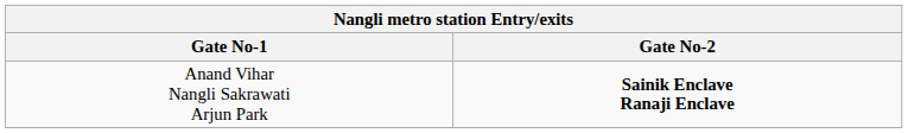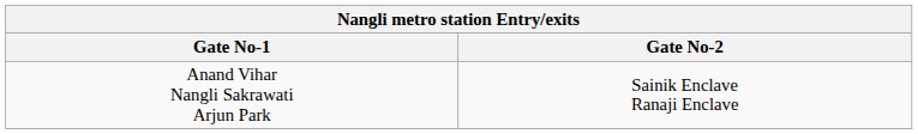 <table class="wikitable" style="text-align: center;" width="65%">
 <tr>
 <th align="center" colspan="5" style="background:#"><span>Nangli metro station Entry/exits</span></th>
 </tr>
 <tr>
 <th style="width:15%;">Gate No-1 </th>
 <th style="width:15%;">Gate No-2 </th>
 </tr>
 <tr>
 <td>Anand Vihar<br>Nangli Sakrawati<br>Arjun Park</td>
-<td><strong>Sainik Enclave<br>Ranaji Enclave</strong></td>
+<td>Sainik Enclave<br>Ranaji Enclave</td>
 </tr>
 <tr>
 </tr>
 </table>
